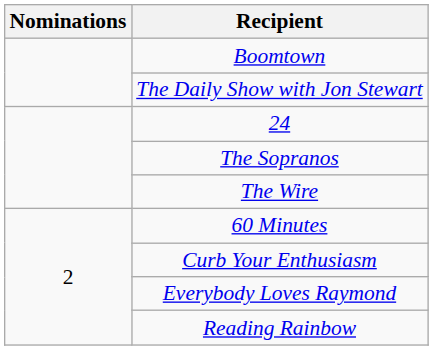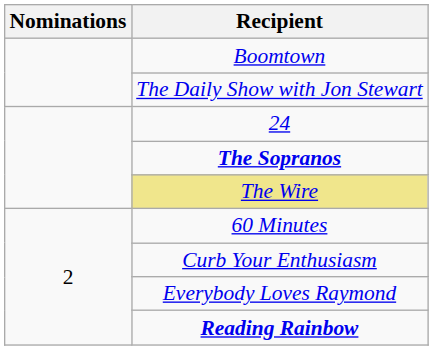 <table class="wikitable sortable" style="text-align: center">
 <tr>
 <th scope="col" style="width:55px;">Nominations</th>
 <th scope="col" style="text-align:center;">Recipient</th>
 </tr>
 <tr>
 <td rowspan="2"></td>
 <td><em><a href='#'>Boomtown</a></em></td>
 </tr>
 <tr>
 <td><em><a href='#'>The Daily Show with Jon Stewart</a></em></td>
 </tr>
 <tr>
 <td rowspan="3"></td>
 <td><em><a href='#'>24</a></em></td>
 </tr>
 <tr>
-<td><em><a href='#'>The Sopranos</a></em></td>
+<td><strong><em><a href='#'>The Sopranos</a></em></strong></td>
 </tr>
 <tr>
-<td><em><a href='#'>The Wire</a></em></td>
+<td style="background: khaki;"><em><a href='#'>The Wire</a></em></td>
 </tr>
 <tr>
 <td rowspan="4" style="text-align:center">2</td>
 <td><em><a href='#'>60 Minutes</a></em></td>
 </tr>
 <tr>
 <td><em><a href='#'>Curb Your Enthusiasm</a></em></td>
 </tr>
 <tr>
 <td><em><a href='#'>Everybody Loves Raymond</a></em></td>
 </tr>
 <tr>
-<td><em><a href='#'>Reading Rainbow</a></em></td>
+<td><strong><em><a href='#'>Reading Rainbow</a></em></strong></td>
 </tr>
 </table>
